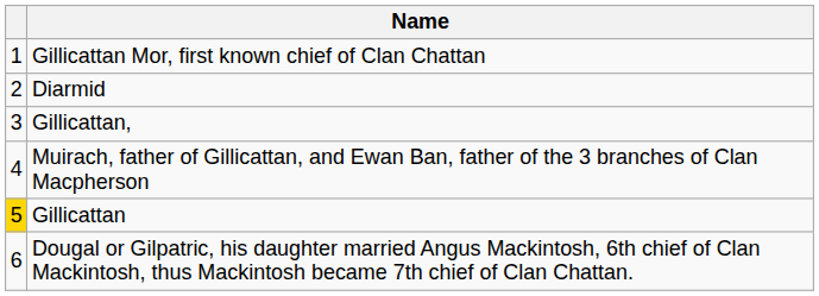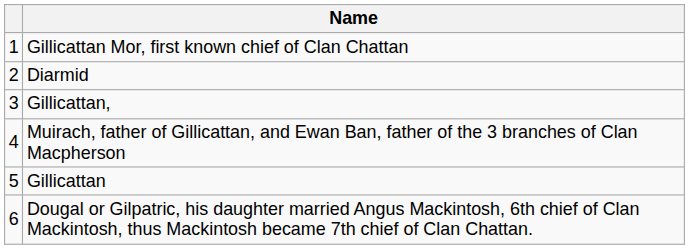 <table class="wikitable">
 <tr>
 <th></th>
 <th>Name</th>
 </tr>
 <tr>
 <td>1</td>
 <td>Gillicattan Mor, first known chief of Clan Chattan</td>
 </tr>
 <tr>
 <td>2</td>
 <td>Diarmid</td>
 </tr>
 <tr>
 <td>3</td>
 <td>Gillicattan,</td>
 </tr>
 <tr>
 <td>4</td>
 <td>Muirach, father of Gillicattan, and Ewan Ban, father of the 3 branches of Clan Macpherson</td>
 </tr>
 <tr>
-<td style="background: gold;">5</td>
+<td>5</td>
 <td>Gillicattan</td>
 </tr>
 <tr>
 <td>6</td>
 <td>Dougal or Gilpatric, his daughter married Angus Mackintosh, 6th chief of Clan Mackintosh, thus Mackintosh became 7th chief of Clan Chattan.</td>
 </tr>
 </table>
